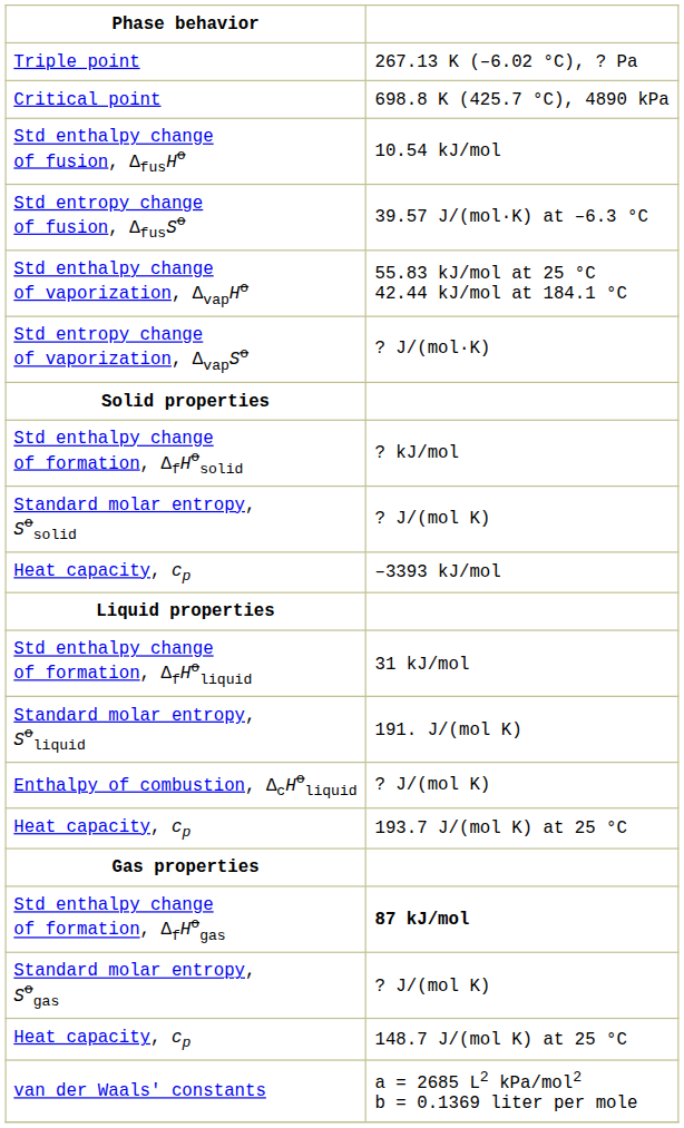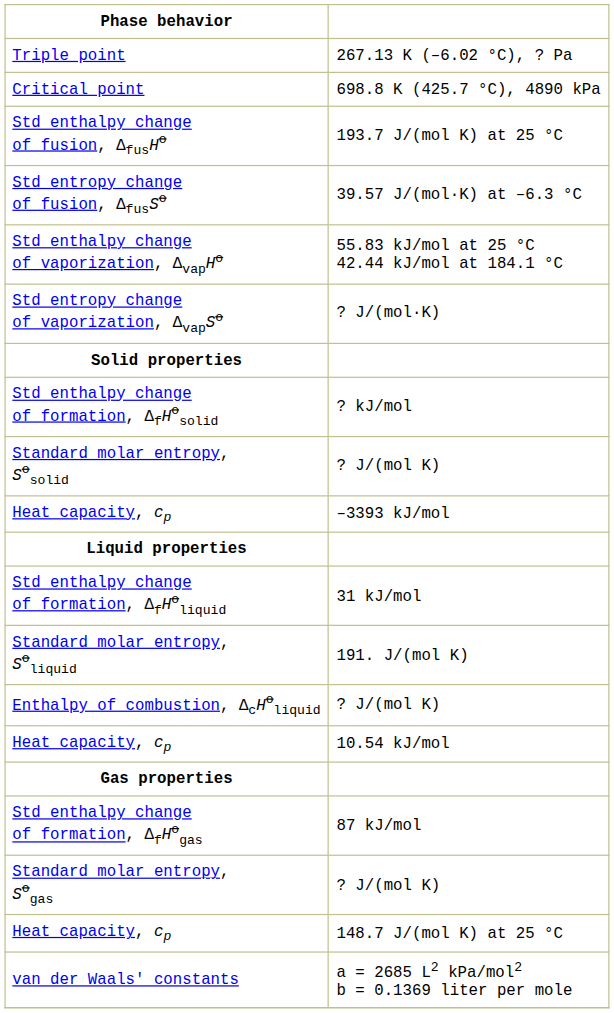 <table border="1" cellspacing="0" cellpadding="6" style="margin: 0 0 0 0.5em; background: #FFFFFF; border-collapse: collapse; border-color: #C0C090;">
 <tr>
 <th>Phase behavior</th>
 </tr>
 <tr>
 <td><a href='#'>Triple point</a></td>
 <td>267.13 K (–6.02 °C), ? Pa</td>
 </tr>
 <tr>
 <td><a href='#'>Critical point</a></td>
 <td>698.8 K (425.7 °C), 4890 kPa</td>
 </tr>
 <tr>
 <td><a href='#'>Std enthalpy change<br>of fusion</a>, Δ<sub>fus</sub><em>H</em><sup><s>o</s></sup></td>
-<td>10.54 kJ/mol</td>
+<td>193.7 J/(mol K) at 25 °C</td>
 </tr>
 <tr>
 <td><a href='#'>Std entropy change<br>of fusion</a>, Δ<sub>fus</sub><em>S</em><sup><s>o</s></sup></td>
 <td>39.57 J/(mol·K) at –6.3 °C</td>
 </tr>
 <tr>
 <td><a href='#'>Std enthalpy change<br>of vaporization</a>, Δ<sub>vap</sub><em>H</em><sup><s>o</s></sup></td>
 <td>55.83 kJ/mol at 25 °C<br>42.44 kJ/mol at 184.1 °C</td>
 </tr>
 <tr>
 <td><a href='#'>Std entropy change<br>of vaporization</a>, Δ<sub>vap</sub><em>S</em><sup><s>o</s></sup></td>
 <td>? J/(mol·K)</td>
 </tr>
 <tr>
 <th>Solid properties</th>
 </tr>
 <tr>
 <td><a href='#'>Std enthalpy change<br>of formation</a>, Δ<sub>f</sub><em>H</em><sup><s>o</s></sup><sub>solid</sub></td>
 <td>? kJ/mol</td>
 </tr>
 <tr>
 <td><a href='#'>Standard molar entropy</a>,<br><em>S</em><sup><s>o</s></sup><sub>solid</sub></td>
 <td>? J/(mol K)</td>
 </tr>
 <tr>
 <td><a href='#'>Heat capacity</a>, <em>c<sub>p</sub></em></td>
 <td>–3393 kJ/mol</td>
 </tr>
 <tr>
 <th>Liquid properties</th>
 </tr>
 <tr>
 <td><a href='#'>Std enthalpy change<br>of formation</a>, Δ<sub>f</sub><em>H</em><sup><s>o</s></sup><sub>liquid</sub></td>
 <td>31 kJ/mol</td>
 </tr>
 <tr>
 <td><a href='#'>Standard molar entropy</a>,<br><em>S</em><sup><s>o</s></sup><sub>liquid</sub></td>
 <td>191. J/(mol K)</td>
 </tr>
 <tr>
 <td><a href='#'>Enthalpy of combustion</a>, Δ<sub>c</sub><em>H</em><sup><s>o</s></sup><sub>liquid</sub></td>
 <td>? J/(mol K)</td>
 </tr>
 <tr>
 <td><a href='#'>Heat capacity</a>, <em>c<sub>p</sub></em></td>
-<td>193.7 J/(mol K) at 25 °C</td>
+<td>10.54 kJ/mol</td>
 </tr>
 <tr>
 <th>Gas properties</th>
 </tr>
 <tr>
 <td><a href='#'>Std enthalpy change<br>of formation</a>, Δ<sub>f</sub><em>H</em><sup><s>o</s></sup><sub>gas</sub></td>
-<td><strong>87 kJ/mol</strong></td>
+<td>87 kJ/mol</td>
 </tr>
 <tr>
 <td><a href='#'>Standard molar entropy</a>,<br><em>S</em><sup><s>o</s></sup><sub>gas</sub></td>
 <td>? J/(mol K)</td>
 </tr>
 <tr>
 <td><a href='#'>Heat capacity</a>, <em>c<sub>p</sub></em></td>
 <td>148.7 J/(mol K) at 25 °C</td>
 </tr>
 <tr>
 <td><a href='#'>van der Waals' constants</a></td>
 <td>a = 2685 L<sup>2</sup> kPa/mol<sup>2</sup><br> b = 0.1369 liter per mole</td>
 </tr>
 <tr>
 </tr>
 </table>
